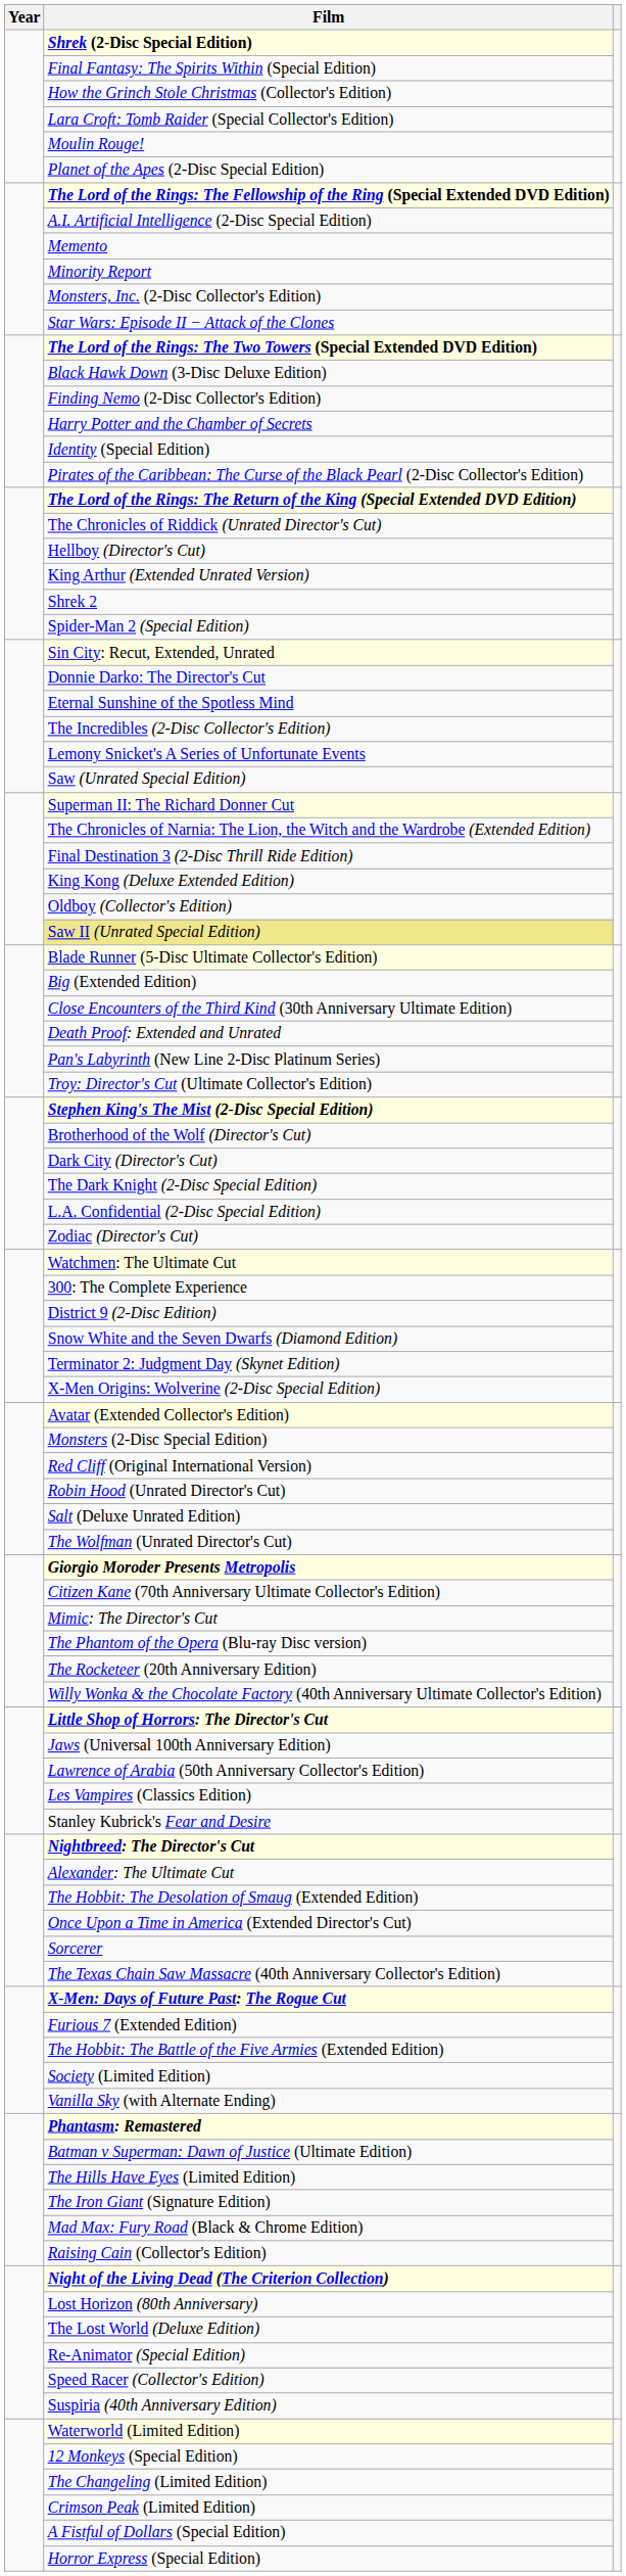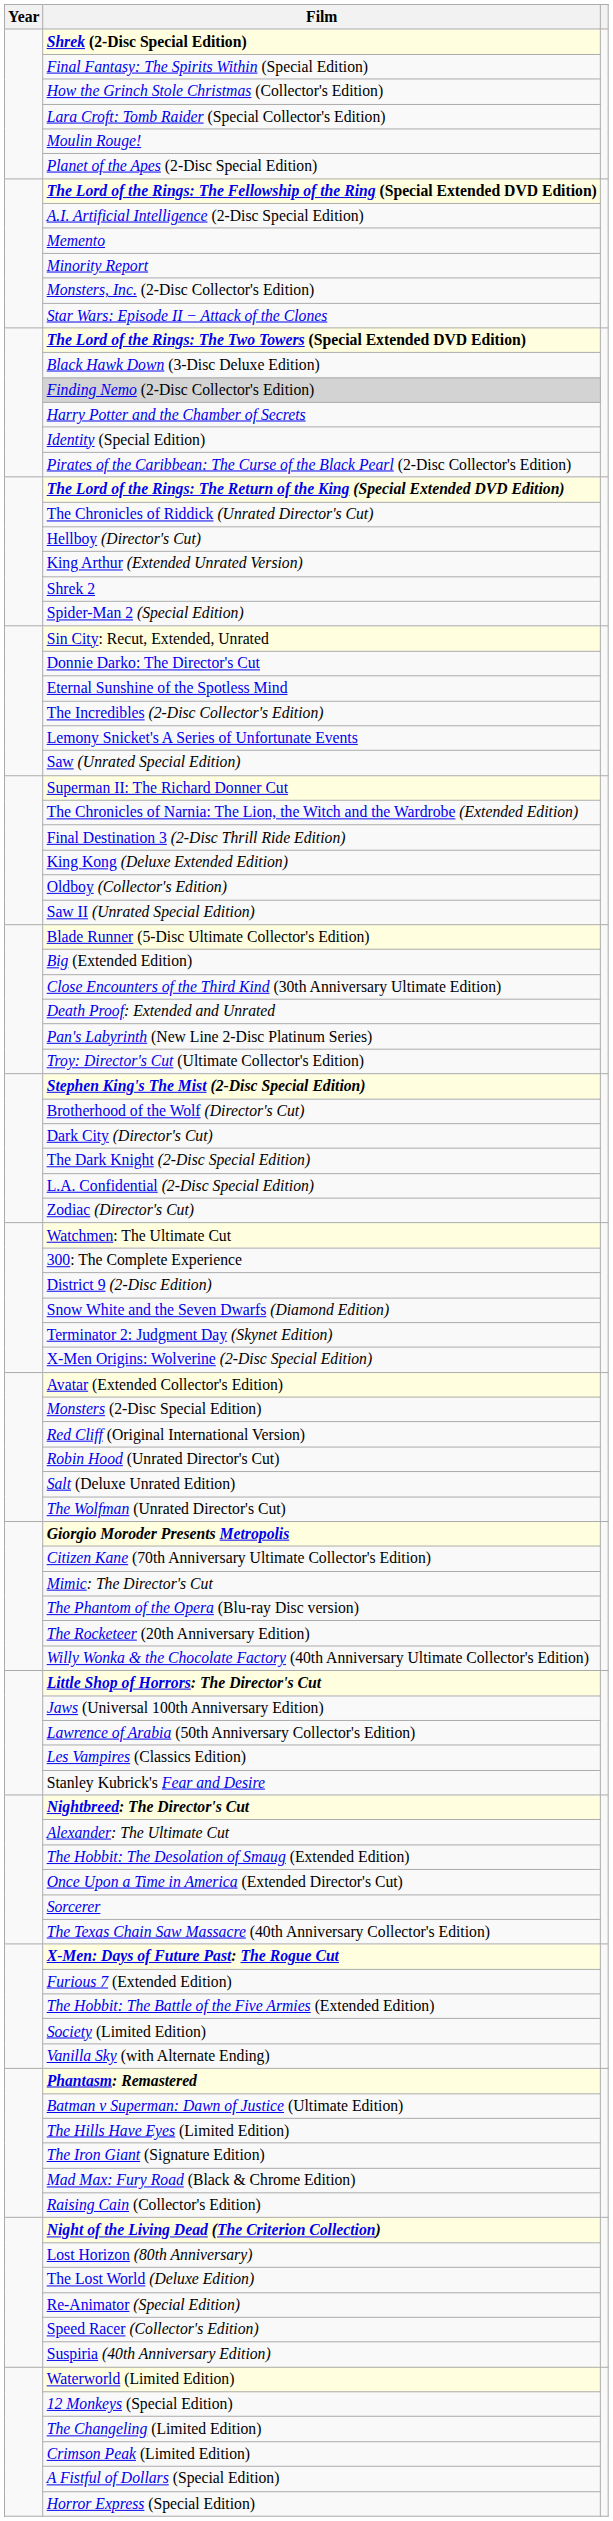 <table class="wikitable">
 <tr>
 <th>Year</th>
 <th>Film</th>
 <th></th>
 </tr>
 <tr>
 <td rowspan="6"></td>
 <td style="background:lightyellow"><strong><em><a href='#'>Shrek</a></em></strong> <strong>(2-Disc Special Edition)</strong></td>
 <td rowspan="6"></td>
 </tr>
 <tr>
 <td><em><a href='#'>Final Fantasy: The Spirits Within</a></em> (Special Edition)</td>
 </tr>
 <tr>
 <td><a href='#'><em>How the Grinch Stole Christmas</em></a> (Collector's Edition)</td>
 </tr>
 <tr>
 <td><em><a href='#'>Lara Croft: Tomb Raider</a></em> (Special Collector's Edition)</td>
 </tr>
 <tr>
 <td><em><a href='#'>Moulin Rouge!</a></em></td>
 </tr>
 <tr>
 <td><a href='#'><em>Planet of the Apes</em></a> (2-Disc Special Edition)</td>
 </tr>
 <tr>
 <td rowspan="6"></td>
 <td style="background:lightyellow"><strong><em><a href='#'>The Lord of the Rings: The Fellowship of the Ring</a></em></strong> <strong>(Special Extended DVD Edition)</strong></td>
 <td rowspan="6"></td>
 </tr>
 <tr>
 <td><em><a href='#'>A.I. Artificial Intelligence</a></em> (2-Disc Special Edition)</td>
 </tr>
 <tr>
 <td><em><a href='#'>Memento</a></em></td>
 </tr>
 <tr>
 <td><em><a href='#'>Minority Report</a></em></td>
 </tr>
 <tr>
 <td><em><a href='#'>Monsters, Inc.</a></em> (2-Disc Collector's Edition)</td>
 </tr>
 <tr>
 <td><em><a href='#'>Star Wars: Episode II − Attack of the Clones</a></em></td>
 </tr>
 <tr>
 <td rowspan="6"></td>
 <td style="background:lightyellow"><strong><em><a href='#'>The Lord of the Rings: The Two Towers</a></em></strong> <strong>(Special Extended DVD Edition)</strong></td>
 <td rowspan="6"></td>
 </tr>
 <tr>
 <td><em><a href='#'>Black Hawk Down</a></em> (3-Disc Deluxe Edition)</td>
 </tr>
 <tr>
-<td><em><a href='#'>Finding Nemo</a></em> (2-Disc Collector's Edition)</td>
+<td style="background: lightgrey;"><em><a href='#'>Finding Nemo</a></em> (2-Disc Collector's Edition)</td>
 </tr>
 <tr>
 <td><em><a href='#'>Harry Potter and the Chamber of Secrets</a></em></td>
 </tr>
 <tr>
 <td><a href='#'><em>Identity</em></a> (Special Edition)</td>
 </tr>
 <tr>
 <td><em><a href='#'>Pirates of the Caribbean: The Curse of the Black Pearl</a></em> (2-Disc Collector's Edition)</td>
 </tr>
 <tr>
 <td rowspan="6"></td>
 <td style="background:lightyellow"><strong><em><a href='#'>The Lord of the Rings: The Return of the King</a><em> (Special Extended DVD Edition)<strong></td>
 <td rowspan="6"></td>
 </tr>
 <tr>
 <td></em><a href='#'>The Chronicles of Riddick</a><em> (Unrated Director's Cut)</td>
 </tr>
 <tr>
 <td></em><a href='#'>Hellboy</a><em> (Director's Cut)</td>
 </tr>
 <tr>
 <td></em><a href='#'>King Arthur</a><em> (Extended Unrated Version)</td>
 </tr>
 <tr>
 <td></em><a href='#'>Shrek 2</a><em></td>
 </tr>
 <tr>
 <td></em><a href='#'>Spider-Man 2</a><em> (Special Edition)</td>
 </tr>
 <tr>
 <td rowspan="6"></td>
 <td style="background:lightyellow"></em></strong><a href='#'>Sin City</a>: Recut, Extended, Unrated<strong><em></td>
 <td rowspan="6"></td>
 </tr>
 <tr>
 <td></em><a href='#'>Donnie Darko: The Director's Cut</a><em></td>
 </tr>
 <tr>
 <td></em><a href='#'>Eternal Sunshine of the Spotless Mind</a><em></td>
 </tr>
 <tr>
 <td></em><a href='#'>The Incredibles</a><em> (2-Disc Collector's Edition)</td>
 </tr>
 <tr>
 <td></em><a href='#'>Lemony Snicket's A Series of Unfortunate Events</a><em></td>
 </tr>
 <tr>
 <td></em><a href='#'>Saw</a><em> (Unrated Special Edition)</td>
 </tr>
 <tr>
 <td rowspan="6"></td>
 <td style="background:lightyellow"></em></strong><a href='#'>Superman II: The Richard Donner Cut</a><strong><em></td>
 <td rowspan="6"></td>
 </tr>
 <tr>
 <td></em><a href='#'>The Chronicles of Narnia: The Lion, the Witch and the Wardrobe</a><em> (Extended Edition)</td>
 </tr>
 <tr>
 <td></em><a href='#'>Final Destination 3</a><em> (2-Disc Thrill Ride Edition)</td>
 </tr>
 <tr>
 <td></em><a href='#'>King Kong</a><em> (Deluxe Extended Edition)</td>
 </tr>
 <tr>
 <td></em><a href='#'>Oldboy</a><em> (Collector's Edition)</td>
 </tr>
 <tr>
-<td style="background: khaki;"></em><a href='#'>Saw II</a><em> (Unrated Special Edition)</td>
+<td></em><a href='#'>Saw II</a><em> (Unrated Special Edition)</td>
 </tr>
 <tr>
 <td rowspan="6"></td>
 <td style="background:lightyellow"></em></strong><a href='#'>Blade Runner</a></em> (5-Disc Ultimate Collector's Edition)</strong></td>
 <td rowspan="6"></td>
 </tr>
 <tr>
 <td><em><a href='#'>Big</a></em> (Extended Edition)</td>
 </tr>
 <tr>
 <td><em><a href='#'>Close Encounters of the Third Kind</a></em> (30th Anniversary Ultimate Edition)</td>
 </tr>
 <tr>
 <td><em><a href='#'>Death Proof</a>: Extended and Unrated</em></td>
 </tr>
 <tr>
 <td><em><a href='#'>Pan's Labyrinth</a></em> (New Line 2-Disc Platinum Series)</td>
 </tr>
 <tr>
 <td><em><a href='#'>Troy: Director's Cut</a></em> (Ultimate Collector's Edition)</td>
 </tr>
 <tr>
 <td rowspan="6"></td>
 <td style="background:lightyellow"><strong><em><a href='#'>Stephen King's The Mist</a><em> (2-Disc Special Edition)<strong></td>
 <td rowspan="6"></td>
 </tr>
 <tr>
 <td></em><a href='#'>Brotherhood of the Wolf</a><em> (Director's Cut)</td>
 </tr>
 <tr>
 <td></em><a href='#'>Dark City</a><em> (Director's Cut)</td>
 </tr>
 <tr>
 <td></em><a href='#'>The Dark Knight</a><em> (2-Disc Special Edition)</td>
 </tr>
 <tr>
 <td></em><a href='#'>L.A. Confidential</a><em> (2-Disc Special Edition)</td>
 </tr>
 <tr>
 <td></em><a href='#'>Zodiac</a><em> (Director's Cut)</td>
 </tr>
 <tr>
 <td rowspan="6"></td>
 <td style="background:lightyellow"></em></strong><a href='#'>Watchmen</a>: The Ultimate Cut<strong><em></td>
 <td rowspan="6"></td>
 </tr>
 <tr>
 <td></em><a href='#'>300</a>: The Complete Experience<em></td>
 </tr>
 <tr>
 <td></em><a href='#'>District 9</a><em> (2-Disc Edition)</td>
 </tr>
 <tr>
 <td></em><a href='#'>Snow White and the Seven Dwarfs</a><em> (Diamond Edition)</td>
 </tr>
 <tr>
 <td></em><a href='#'>Terminator 2: Judgment Day</a><em> (Skynet Edition)</td>
 </tr>
 <tr>
 <td></em><a href='#'>X-Men Origins: Wolverine</a><em> (2-Disc Special Edition)</td>
 </tr>
 <tr>
 <td rowspan="6"></td>
 <td style="background:lightyellow"></em></strong><a href='#'>Avatar</a></em> (Extended Collector's Edition)</strong></td>
 <td rowspan="6"></td>
 </tr>
 <tr>
 <td><em><a href='#'>Monsters</a></em> (2-Disc Special Edition)</td>
 </tr>
 <tr>
 <td><em><a href='#'>Red Cliff</a></em> (Original International Version)</td>
 </tr>
 <tr>
 <td><em><a href='#'>Robin Hood</a></em> (Unrated Director's Cut)</td>
 </tr>
 <tr>
 <td><em><a href='#'>Salt</a></em> (Deluxe Unrated Edition)</td>
 </tr>
 <tr>
 <td><em><a href='#'>The Wolfman</a></em> (Unrated Director's Cut)</td>
 </tr>
 <tr>
 <td rowspan="6"></td>
 <td style="background:lightyellow"><strong><em>Giorgio Moroder Presents <a href='#'>Metropolis</a></em></strong></td>
 <td rowspan="6"></td>
 </tr>
 <tr>
 <td><em><a href='#'>Citizen Kane</a></em> (70th Anniversary Ultimate Collector's Edition)</td>
 </tr>
 <tr>
 <td><em><a href='#'>Mimic</a>: The Director's Cut</em></td>
 </tr>
 <tr>
 <td><em><a href='#'>The Phantom of the Opera</a></em> (Blu-ray Disc version)</td>
 </tr>
 <tr>
 <td><em><a href='#'>The Rocketeer</a></em> (20th Anniversary Edition)</td>
 </tr>
 <tr>
 <td><em><a href='#'>Willy Wonka & the Chocolate Factory</a></em> (40th Anniversary Ultimate Collector's Edition)</td>
 </tr>
 <tr>
 <td rowspan="5"></td>
 <td style="background:lightyellow"><strong><em><a href='#'>Little Shop of Horrors</a>: The Director's Cut</em></strong></td>
 <td rowspan="5"></td>
 </tr>
 <tr>
 <td><em><a href='#'>Jaws</a></em> (Universal 100th Anniversary Edition)</td>
 </tr>
 <tr>
 <td><em><a href='#'>Lawrence of Arabia</a></em> (50th Anniversary Collector's Edition)</td>
 </tr>
 <tr>
 <td><em><a href='#'>Les Vampires</a></em> (Classics Edition)</td>
 </tr>
 <tr>
 <td>Stanley Kubrick's <em><a href='#'>Fear and Desire</a></em></td>
 </tr>
 <tr>
 <td rowspan="6"></td>
 <td style="background:lightyellow"><strong><em><a href='#'>Nightbreed</a>: The Director's Cut</em></strong></td>
 <td rowspan="6"></td>
 </tr>
 <tr>
 <td><em><a href='#'>Alexander</a>: The Ultimate Cut</em></td>
 </tr>
 <tr>
 <td><em><a href='#'>The Hobbit: The Desolation of Smaug</a></em> (Extended Edition)</td>
 </tr>
 <tr>
 <td><em><a href='#'>Once Upon a Time in America</a></em> (Extended Director's Cut)</td>
 </tr>
 <tr>
 <td><em><a href='#'>Sorcerer</a></em></td>
 </tr>
 <tr>
 <td><em><a href='#'>The Texas Chain Saw Massacre</a></em> (40th Anniversary Collector's Edition)</td>
 </tr>
 <tr>
 <td rowspan="5"></td>
 <td style="background:lightyellow"><strong><em><a href='#'>X-Men: Days of Future Past</a>: <a href='#'>The Rogue Cut</a></em></strong></td>
 <td rowspan="5"></td>
 </tr>
 <tr>
 <td><em><a href='#'>Furious 7</a></em> (Extended Edition)</td>
 </tr>
 <tr>
 <td><em><a href='#'>The Hobbit: The Battle of the Five Armies</a></em> (Extended Edition)</td>
 </tr>
 <tr>
 <td><em><a href='#'>Society</a></em> (Limited Edition)</td>
 </tr>
 <tr>
 <td><em><a href='#'>Vanilla Sky</a></em> (with Alternate Ending)</td>
 </tr>
 <tr>
 <td rowspan="6"></td>
 <td style="background:lightyellow"><strong><em><a href='#'>Phantasm</a>: Remastered</em></strong></td>
 <td rowspan="6"></td>
 </tr>
 <tr>
 <td><em><a href='#'>Batman v Superman: Dawn of Justice</a></em> (Ultimate Edition)</td>
 </tr>
 <tr>
 <td><em><a href='#'>The Hills Have Eyes</a></em> (Limited Edition)</td>
 </tr>
 <tr>
 <td><em><a href='#'>The Iron Giant</a></em> (Signature Edition)</td>
 </tr>
 <tr>
 <td><em><a href='#'>Mad Max: Fury Road</a></em> (Black & Chrome Edition)</td>
 </tr>
 <tr>
 <td><em><a href='#'>Raising Cain</a></em> (Collector's Edition)</td>
 </tr>
 <tr>
 <td rowspan="6"></td>
 <td style="background:lightyellow"><strong><em><a href='#'>Night of the Living Dead</a><em> (<a href='#'>The Criterion Collection</a>)<strong></td>
 <td rowspan="6"></td>
 </tr>
 <tr>
 <td></em><a href='#'>Lost Horizon</a><em> (80th Anniversary)</td>
 </tr>
 <tr>
 <td></em><a href='#'>The Lost World</a><em> (Deluxe Edition)</td>
 </tr>
 <tr>
 <td></em><a href='#'>Re-Animator</a><em> (Special Edition)</td>
 </tr>
 <tr>
 <td></em><a href='#'>Speed Racer</a><em> (Collector's Edition)</td>
 </tr>
 <tr>
 <td></em><a href='#'>Suspiria</a><em> (40th Anniversary Edition)</td>
 </tr>
 <tr>
 <td rowspan="6"></td>
 <td style="background:lightyellow"></em></strong><a href='#'>Waterworld</a></em> (Limited Edition)</strong></td>
 <td rowspan="6"></td>
 </tr>
 <tr>
 <td><em><a href='#'>12 Monkeys</a></em> (Special Edition)</td>
 </tr>
 <tr>
 <td><em><a href='#'>The Changeling</a></em> (Limited Edition)</td>
 </tr>
 <tr>
 <td><em><a href='#'>Crimson Peak</a></em> (Limited Edition)</td>
 </tr>
 <tr>
 <td><em><a href='#'>A Fistful of Dollars</a></em> (Special Edition)</td>
 </tr>
 <tr>
 <td><em><a href='#'>Horror Express</a></em> (Special Edition)</td>
 </tr>
 </table>
